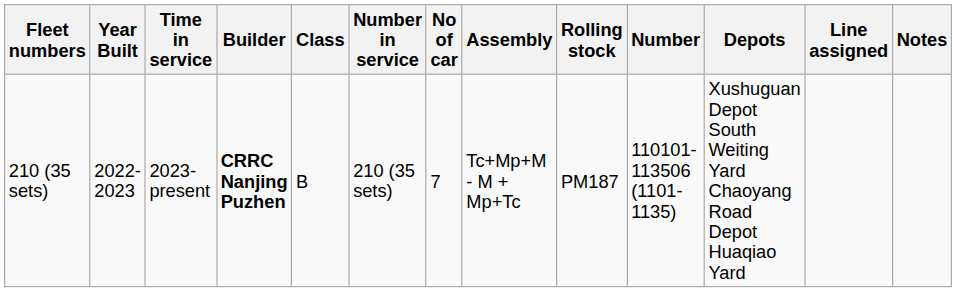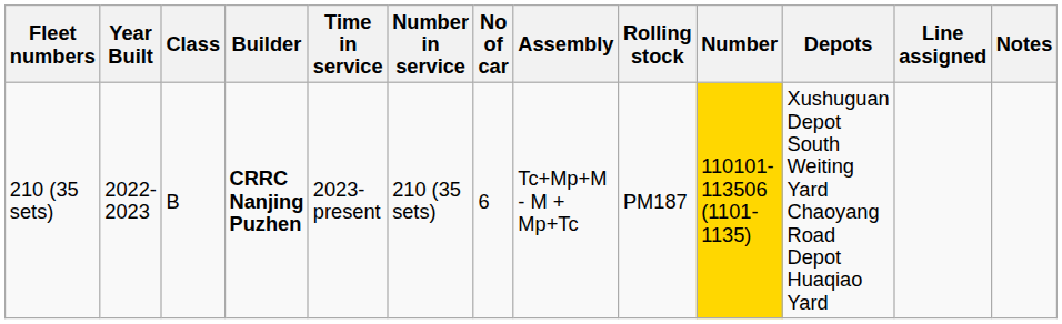 <table class="wikitable sortable" style="font-size: 95%;" |>
 <tr>
 <th>Fleet numbers</th>
 <th>Year Built</th>
+<th>Class</th>
+<th>Builder</th>
 <th>Time in service</th>
-<th>Builder</th>
-<th>Class</th>
 <th>Number in service</th>
 <th>No <br>of<br> car</th>
 <th>Assembly</th>
 <th>Rolling stock</th>
 <th>Number</th>
 <th>Depots</th>
 <th>Line assigned</th>
 <th>Notes</th>
 </tr>
 <tr>
 <td>210 (35 sets)</td>
 <td>2022-2023</td>
+<td>B</td>
+<td><strong>CRRC Nanjing Puzhen</strong></td>
 <td>2023-present</td>
-<td><strong>CRRC Nanjing Puzhen</strong></td>
-<td>B</td>
 <td>210 (35 sets)</td>
-<td>7</td>
+<td>6</td>
 <td>Tc+Mp+M - M + Mp+Tc</td>
 <td>PM187</td>
-<td>110101-113506 (1101-1135)</td>
+<td style="background: gold;">110101-113506 (1101-1135)</td>
 <td>Xushuguan Depot<br>South Weiting Yard<br>Chaoyang Road Depot<br>Huaqiao Yard</td>
 <td> </td>
 <td></td>
 </tr>
 </table>
